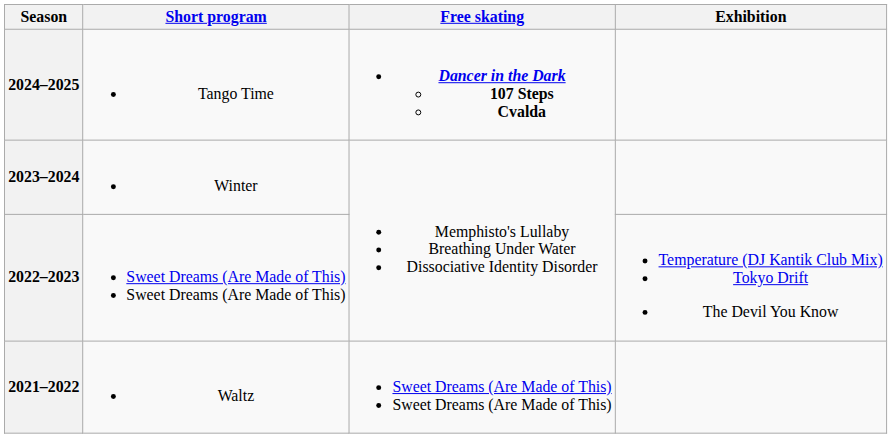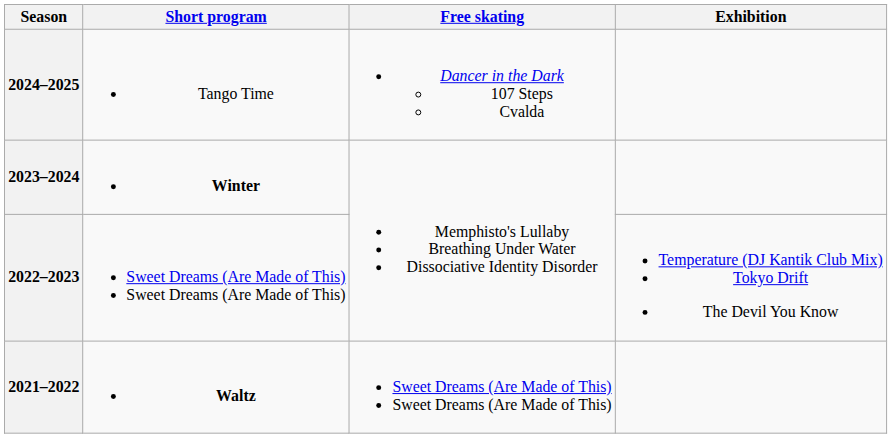 <table class=wikitable style=text-align:center>
 <tr>
 <th>Season</th>
 <th><a href='#'>Short program</a></th>
 <th><a href='#'>Free skating</a></th>
 <th>Exhibition</th>
 </tr>
 <tr>
 <th>2024–2025 <br> </th>
 <td><br><ul><li>Tango Time <br></li></ul></td>
-<td><strong><br><ul><li><em><a href='#'>Dancer in the Dark</a></em><ul><li>107 Steps <br> </li><li>Cvalda <br> </li></ul></li></ul></strong></td>
+<td><br><ul><li><em><a href='#'>Dancer in the Dark</a></em><ul><li>107 Steps <br> </li><li>Cvalda <br> </li></ul></li></ul></td>
 <td></td>
 </tr>
 <tr>
 <th>2023–2024 <br> </th>
-<td><br><ul><li>Winter <br></li></ul></td>
+<td><strong><br><ul><li>Winter <br></li></ul></strong></td>
 <td rowspan=2><br><ul><li>Memphisto's Lullaby <br> </li><li>Breathing Under Water <br> </li><li>Dissociative Identity Disorder <br> </li></ul></td>
 <td></td>
 </tr>
 <tr>
 <th>2022–2023 <br> </th>
 <td><br><ul><li><a href='#'>Sweet Dreams (Are Made of This)</a> <br></li><li>Sweet Dreams (Are Made of This) <br> </li></ul></td>
 <td><br><ul><li><a href='#'>Temperature (DJ Kantik Club Mix)</a> <br> </li><li><a href='#'>Tokyo Drift</a> <br> </li></ul><ul><li>The Devil You Know <br> </li></ul></td>
 </tr>
 <tr>
 <th>2021–2022 <br> </th>
-<td><br><ul><li>Waltz <br> </li></ul></td>
+<td><strong><br><ul><li>Waltz <br> </li></ul></strong></td>
 <td><br><ul><li><a href='#'>Sweet Dreams (Are Made of This)</a> <br></li><li>Sweet Dreams (Are Made of This) <br> </li></ul></td>
 <td></td>
 </tr>
 </table>
